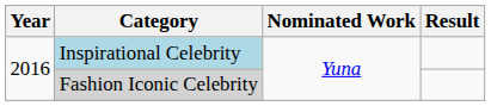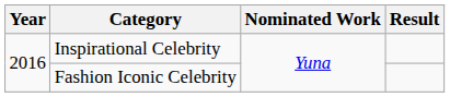 <table class="wikitable">
 <tr>
 <th>Year</th>
 <th>Category</th>
 <th>Nominated Work</th>
 <th>Result</th>
 </tr>
 <tr>
 <td rowspan="2">2016</td>
-<td style="background: lightblue;">Inspirational Celebrity</td>
+<td>Inspirational Celebrity</td>
 <td rowspan="2" style="text-align: center;"><em><a href='#'>Yuna</a></em></td>
 <td></td>
 </tr>
 <tr>
-<td style="background: lightgrey;">Fashion Iconic Celebrity</td>
+<td>Fashion Iconic Celebrity</td>
 <td></td>
 </tr>
 </table>
